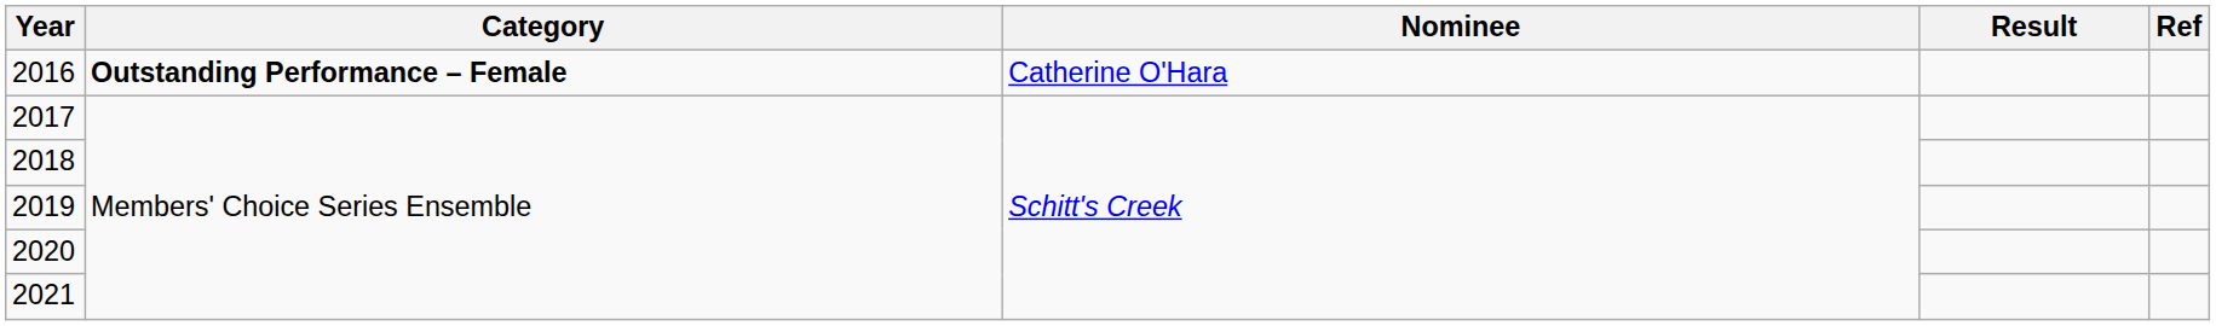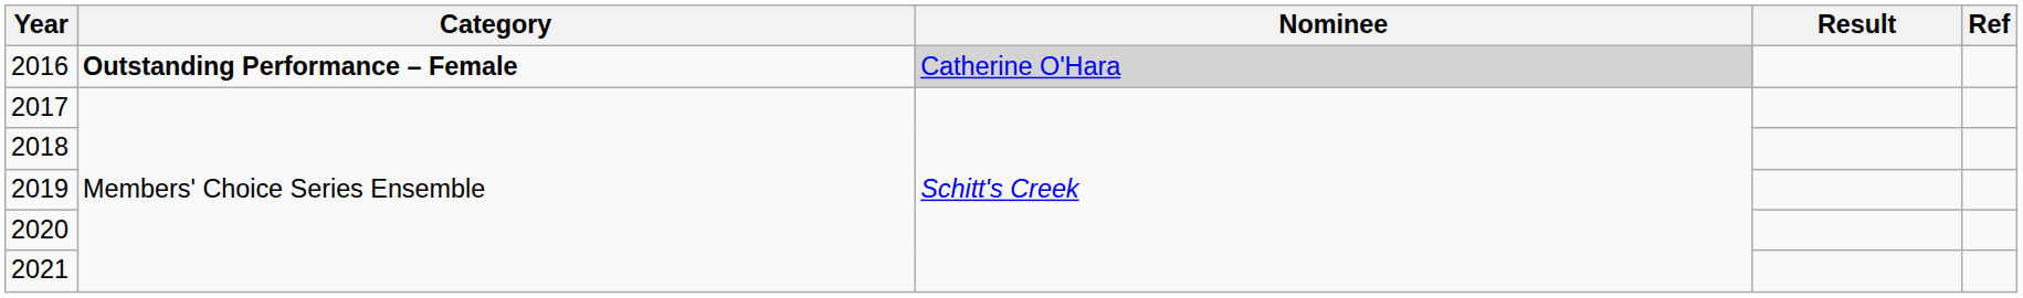 <table class="wikitable">
 <tr>
 <th width=3%>Year</th>
 <th width=40%>Category</th>
 <th width=40%>Nominee</th>
 <th width=10%>Result</th>
 <th width=2%>Ref</th>
 </tr>
 <tr>
 <td>2016</td>
 <td><strong>Outstanding Performance – Female</strong></td>
-<td><a href='#'>Catherine O'Hara</a></td>
+<td style="background: lightgrey;"><a href='#'>Catherine O'Hara</a></td>
 <td></td>
 <td></td>
 </tr>
 <tr>
 <td>2017</td>
 <td rowspan="5">Members' Choice Series Ensemble</td>
 <td rowspan="5"><em><a href='#'>Schitt's Creek</a></em></td>
 <td></td>
 <td></td>
 </tr>
 <tr>
 <td>2018</td>
 <td></td>
 <td></td>
 </tr>
 <tr>
 <td>2019</td>
 <td></td>
 <td></td>
 </tr>
 <tr>
 <td>2020</td>
 <td></td>
 <td></td>
 </tr>
 <tr>
 <td>2021</td>
 <td></td>
 <td></td>
 </tr>
 </table>
